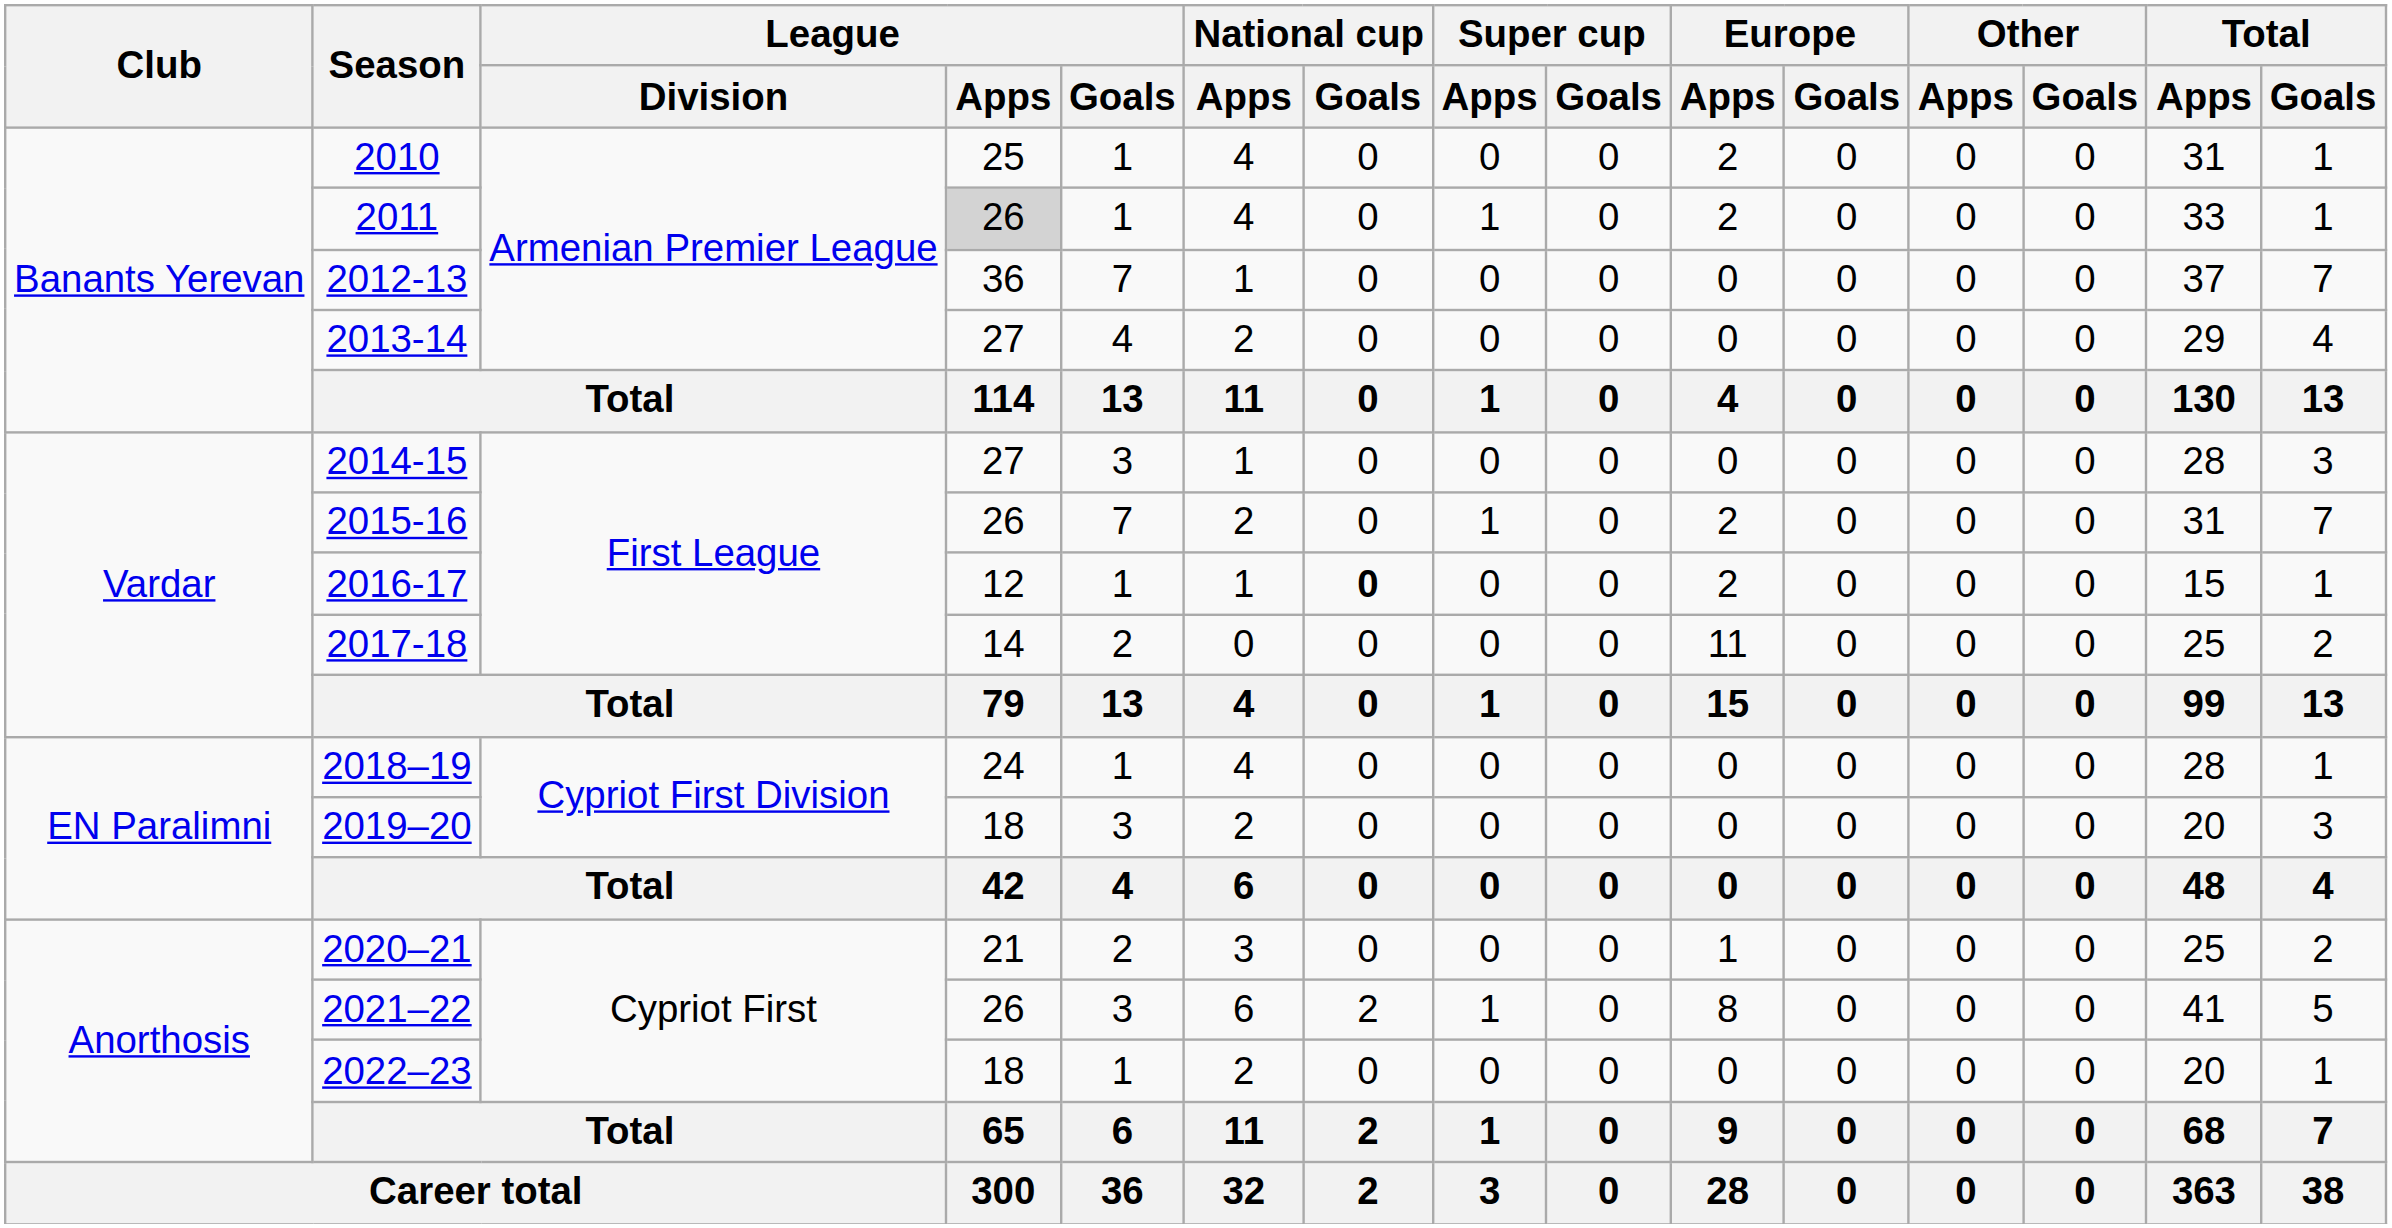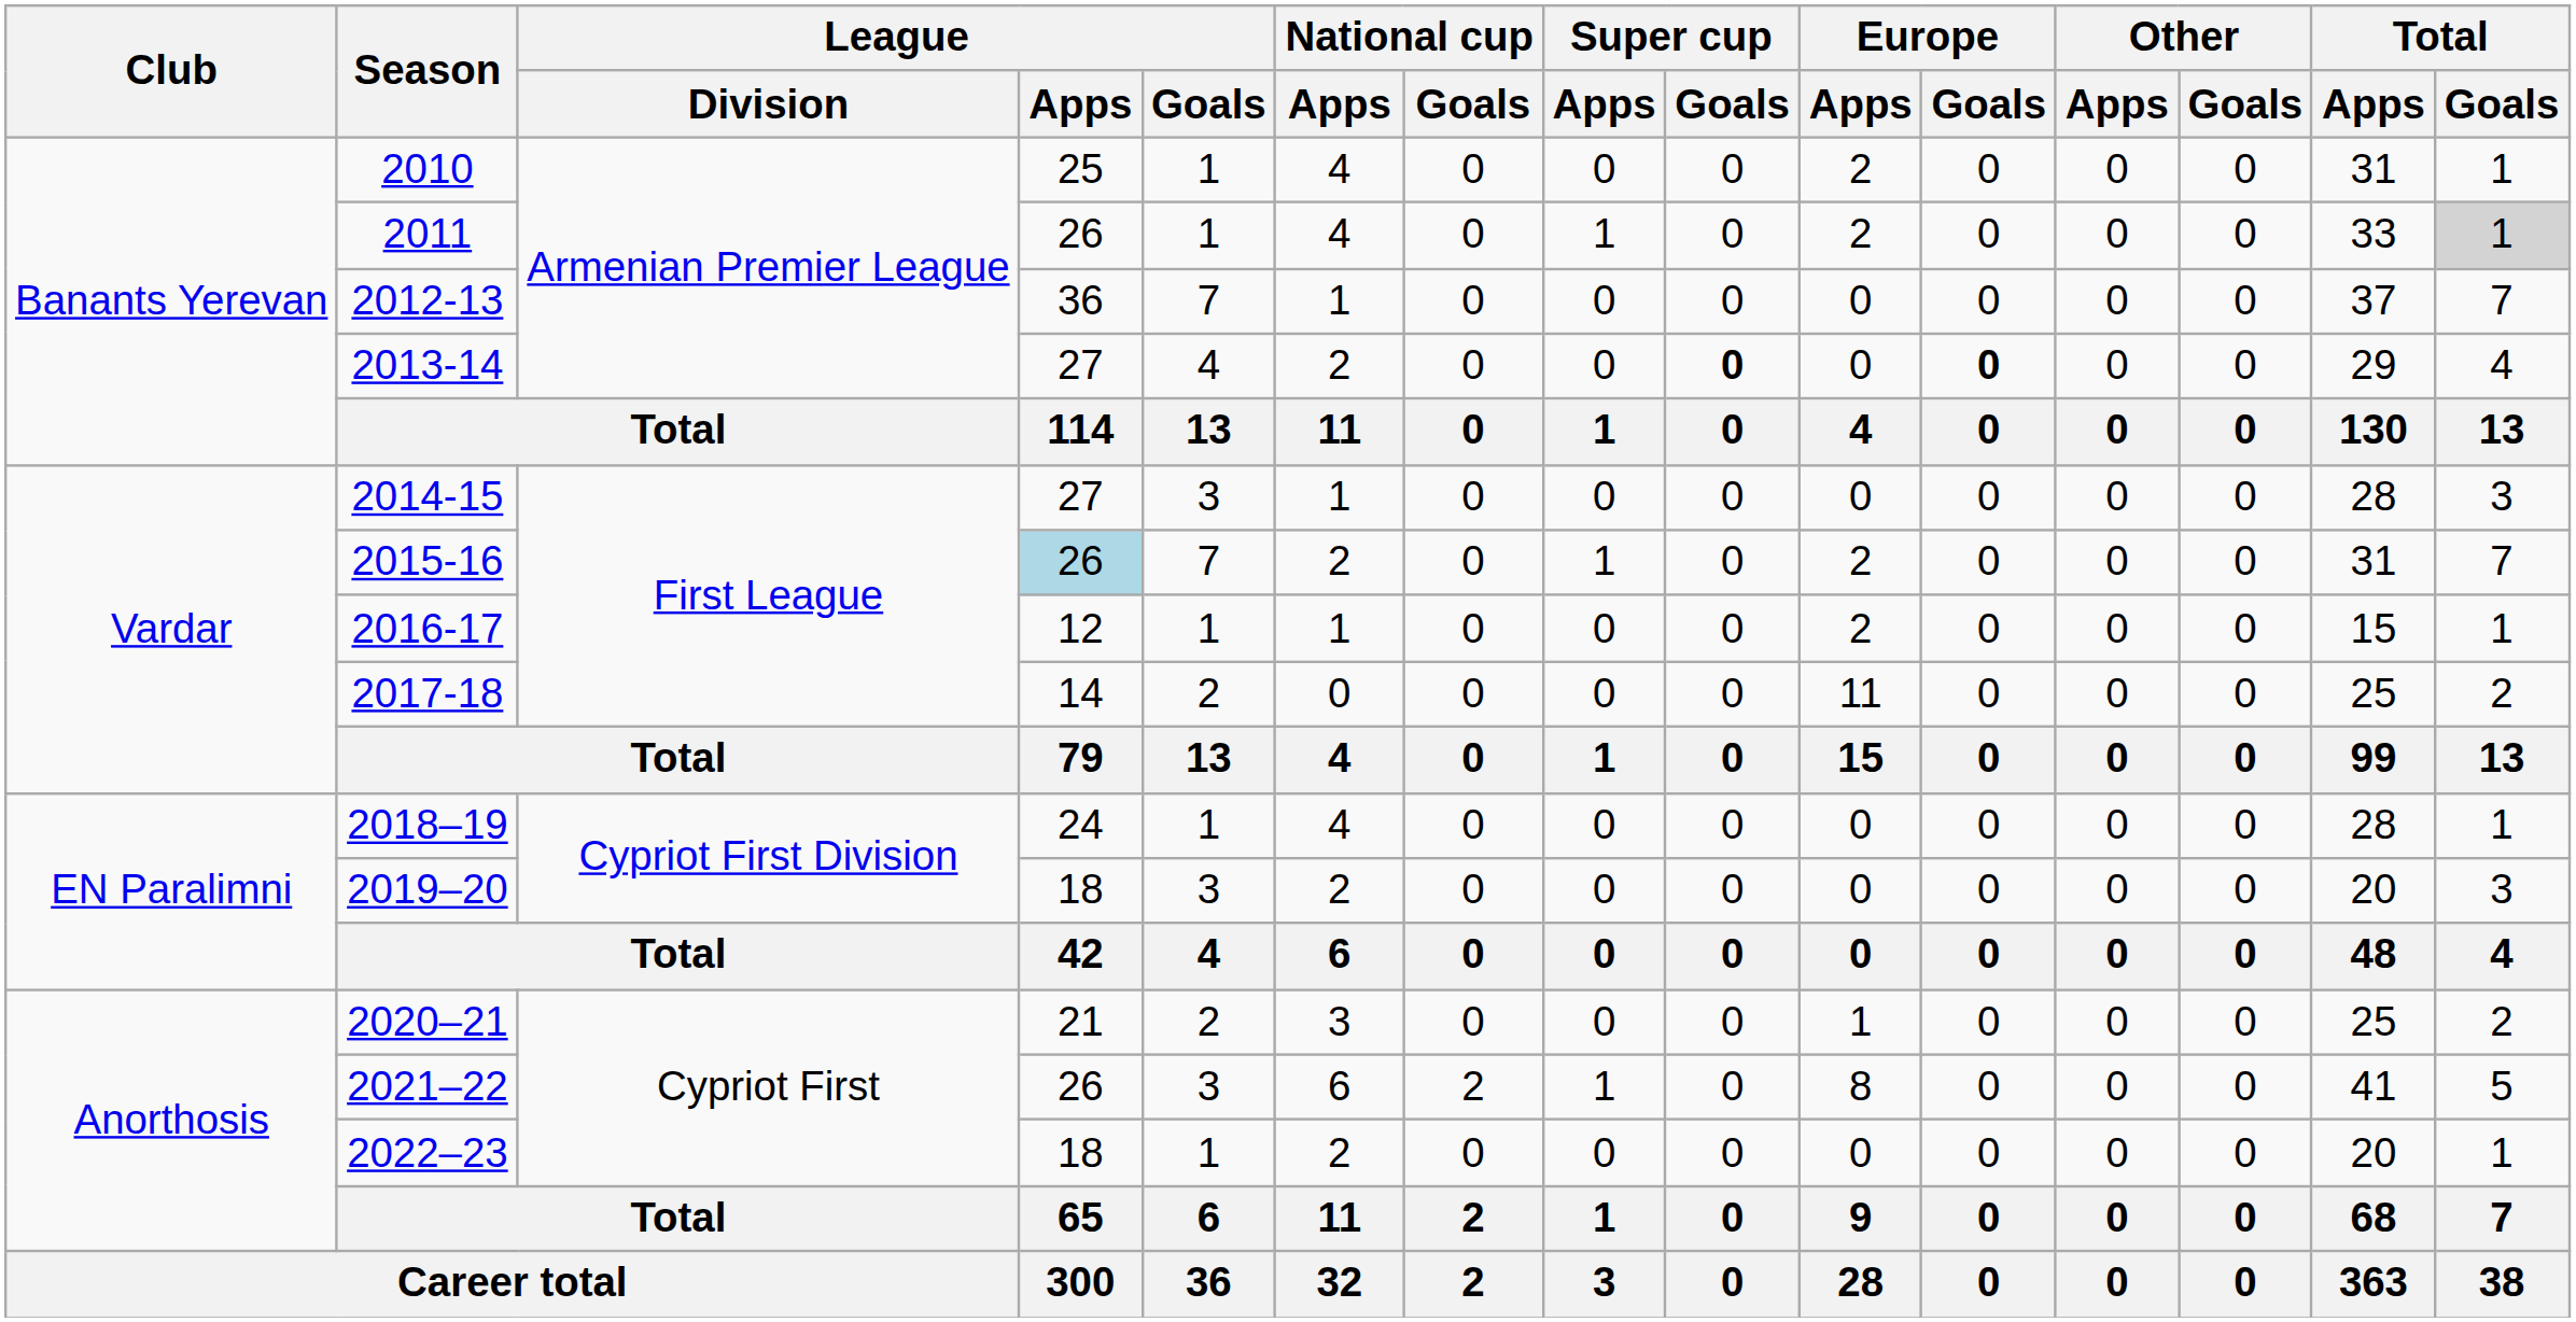 <table class="wikitable" style="text-align:center">
 <tr>
 <th rowspan="2">Club</th>
 <th rowspan="2">Season</th>
 <th colspan="3">League</th>
 <th colspan="2">National cup</th>
 <th colspan="2">Super cup</th>
 <th colspan="2">Europe</th>
 <th colspan="2">Other</th>
 <th colspan="2">Total</th>
 </tr>
 <tr>
 <th>Division</th>
 <th>Apps</th>
 <th>Goals</th>
 <th>Apps</th>
 <th>Goals</th>
 <th>Apps</th>
 <th>Goals</th>
 <th>Apps</th>
 <th>Goals</th>
 <th>Apps</th>
 <th>Goals</th>
 <th>Apps</th>
 <th>Goals</th>
 </tr>
 <tr>
 <td rowspan="5"><a href='#'>Banants Yerevan</a></td>
 <td><a href='#'>2010</a></td>
 <td rowspan="4"><a href='#'>Armenian Premier League</a></td>
 <td>25</td>
 <td>1</td>
 <td>4</td>
 <td>0</td>
 <td>0</td>
 <td>0</td>
 <td>2</td>
 <td>0</td>
 <td>0</td>
 <td>0</td>
 <td>31</td>
 <td>1</td>
 </tr>
 <tr>
 <td><a href='#'>2011</a></td>
-<td style="background: lightgrey;">26</td>
+<td>26</td>
 <td>1</td>
 <td>4</td>
 <td>0</td>
 <td>1</td>
 <td>0</td>
 <td>2</td>
 <td>0</td>
 <td>0</td>
 <td>0</td>
 <td>33</td>
-<td>1</td>
+<td style="background: lightgrey;">1</td>
 </tr>
 <tr>
 <td><a href='#'>2012-13</a></td>
 <td>36</td>
 <td>7</td>
 <td>1</td>
 <td>0</td>
 <td>0</td>
 <td>0</td>
 <td>0</td>
 <td>0</td>
 <td>0</td>
 <td>0</td>
 <td>37</td>
 <td>7</td>
 </tr>
 <tr>
 <td><a href='#'>2013-14</a></td>
 <td>27</td>
 <td>4</td>
 <td>2</td>
 <td>0</td>
 <td>0</td>
+<td><strong>0</strong></td>
 <td>0</td>
-<td>0</td>
-<td>0</td>
+<td><strong>0</strong></td>
 <td>0</td>
 <td>0</td>
 <td>29</td>
 <td>4</td>
 </tr>
 <tr>
 <th colspan="2">Total</th>
 <th>114</th>
 <th>13</th>
 <th>11</th>
 <th>0</th>
 <th>1</th>
 <th>0</th>
 <th>4</th>
 <th>0</th>
 <th>0</th>
 <th>0</th>
 <th>130</th>
 <th>13</th>
 </tr>
 <tr>
 <td rowspan="5"><a href='#'>Vardar</a></td>
 <td><a href='#'>2014-15</a></td>
 <td rowspan="4"><a href='#'>First League</a></td>
 <td>27</td>
 <td>3</td>
 <td>1</td>
 <td>0</td>
 <td>0</td>
 <td>0</td>
 <td>0</td>
 <td>0</td>
 <td>0</td>
 <td>0</td>
 <td>28</td>
 <td>3</td>
 </tr>
 <tr>
 <td><a href='#'>2015-16</a></td>
-<td>26</td>
+<td style="background: lightblue;">26</td>
 <td>7</td>
 <td>2</td>
 <td>0</td>
 <td>1</td>
 <td>0</td>
 <td>2</td>
 <td>0</td>
 <td>0</td>
 <td>0</td>
 <td>31</td>
 <td>7</td>
 </tr>
 <tr>
 <td><a href='#'>2016-17</a></td>
 <td>12</td>
 <td>1</td>
 <td>1</td>
-<td><strong>0</strong></td>
+<td>0</td>
 <td>0</td>
 <td>0</td>
 <td>2</td>
 <td>0</td>
 <td>0</td>
 <td>0</td>
 <td>15</td>
 <td>1</td>
 </tr>
 <tr>
 <td><a href='#'>2017-18</a></td>
 <td>14</td>
 <td>2</td>
 <td>0</td>
 <td>0</td>
 <td>0</td>
 <td>0</td>
 <td>11</td>
 <td>0</td>
 <td>0</td>
 <td>0</td>
 <td>25</td>
 <td>2</td>
 </tr>
 <tr>
 <th colspan="2">Total</th>
 <th>79</th>
 <th>13</th>
 <th>4</th>
 <th>0</th>
 <th>1</th>
 <th>0</th>
 <th>15</th>
 <th>0</th>
 <th>0</th>
 <th>0</th>
 <th>99</th>
 <th>13</th>
 </tr>
 <tr>
 <td rowspan="3"><a href='#'>EN Paralimni</a></td>
 <td><a href='#'>2018–19</a></td>
 <td rowspan="2"><a href='#'>Cypriot First Division</a></td>
 <td>24</td>
 <td>1</td>
 <td>4</td>
 <td>0</td>
 <td>0</td>
 <td>0</td>
 <td>0</td>
 <td>0</td>
 <td>0</td>
 <td>0</td>
 <td>28</td>
 <td>1</td>
 </tr>
 <tr>
 <td><a href='#'>2019–20</a></td>
 <td>18</td>
 <td>3</td>
 <td>2</td>
 <td>0</td>
 <td>0</td>
 <td>0</td>
 <td>0</td>
 <td>0</td>
 <td>0</td>
 <td>0</td>
 <td>20</td>
 <td>3</td>
 </tr>
 <tr>
 <th colspan="2">Total</th>
 <th>42</th>
 <th>4</th>
 <th>6</th>
 <th>0</th>
 <th>0</th>
 <th>0</th>
 <th>0</th>
 <th>0</th>
 <th>0</th>
 <th>0</th>
 <th>48</th>
 <th>4</th>
 </tr>
 <tr>
 <td rowspan="4"><a href='#'>Anorthosis</a></td>
 <td><a href='#'>2020–21</a></td>
 <td rowspan="3">Cypriot First</td>
 <td>21</td>
 <td>2</td>
 <td>3</td>
 <td>0</td>
 <td>0</td>
 <td>0</td>
 <td>1</td>
 <td>0</td>
 <td>0</td>
 <td>0</td>
 <td>25</td>
 <td>2</td>
 </tr>
 <tr>
 <td><a href='#'>2021–22</a></td>
 <td>26</td>
 <td>3</td>
 <td>6</td>
 <td>2</td>
 <td>1</td>
 <td>0</td>
 <td>8</td>
 <td>0</td>
 <td>0</td>
 <td>0</td>
 <td>41</td>
 <td>5</td>
 </tr>
 <tr>
 <td><a href='#'>2022–23</a></td>
 <td>18</td>
 <td>1</td>
 <td>2</td>
 <td>0</td>
 <td>0</td>
 <td>0</td>
 <td>0</td>
 <td>0</td>
 <td>0</td>
 <td>0</td>
 <td>20</td>
 <td>1</td>
 </tr>
 <tr>
 <th colspan="2">Total</th>
 <th>65</th>
 <th>6</th>
 <th>11</th>
 <th>2</th>
 <th>1</th>
 <th>0</th>
 <th>9</th>
 <th>0</th>
 <th>0</th>
 <th>0</th>
 <th>68</th>
 <th>7</th>
 </tr>
 <tr>
 <th colspan="3">Career total</th>
 <th>300</th>
 <th>36</th>
 <th>32</th>
 <th>2</th>
 <th>3</th>
 <th>0</th>
 <th>28</th>
 <th>0</th>
 <th>0</th>
 <th>0</th>
 <th>363</th>
 <th>38</th>
 </tr>
 </table>
